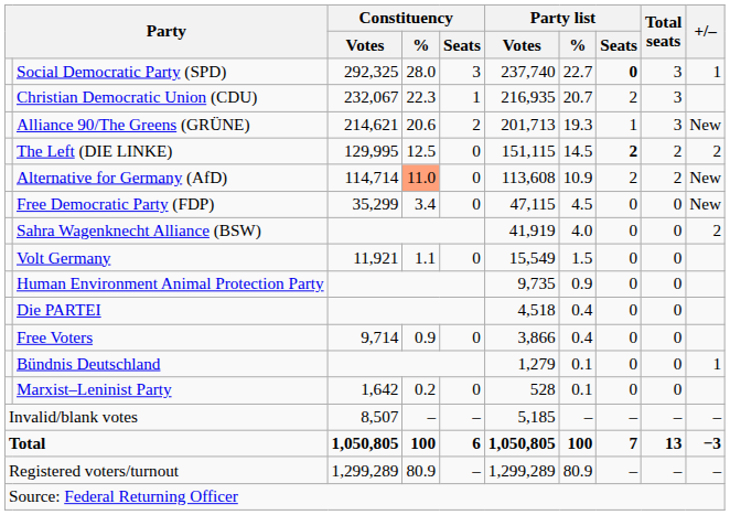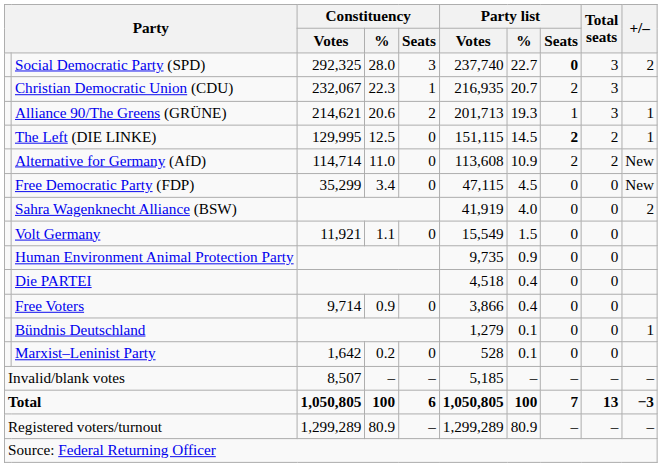 <table class="wikitable" style="text-align:right">
 <tr>
 <th colspan="2" rowspan="2">Party</th>
 <th colspan="3">Constituency</th>
 <th colspan="3">Party list</th>
 <th rowspan="2">Total<br>seats</th>
 <th rowspan="2">+/–</th>
 </tr>
 <tr>
 <th>Votes</th>
 <th>%</th>
 <th>Seats</th>
 <th>Votes</th>
 <th>%</th>
 <th>Seats</th>
 </tr>
 <tr>
 <td></td>
 <td align="left"><a href='#'>Social Democratic Party</a> (SPD)</td>
 <td>292,325</td>
 <td>28.0</td>
 <td>3</td>
 <td>237,740</td>
 <td>22.7</td>
 <td><strong>0</strong></td>
 <td>3</td>
-<td> 1</td>
+<td> 2</td>
 </tr>
 <tr>
 <td></td>
 <td align="left"><a href='#'>Christian Democratic Union</a> (CDU)</td>
 <td>232,067</td>
 <td>22.3</td>
 <td>1</td>
 <td>216,935</td>
 <td>20.7</td>
 <td>2</td>
 <td>3</td>
 <td></td>
 </tr>
 <tr>
 <td></td>
 <td align="left"><a href='#'>Alliance 90/The Greens</a> (GRÜNE)</td>
 <td>214,621</td>
 <td>20.6</td>
 <td>2</td>
 <td>201,713</td>
 <td>19.3</td>
 <td>1</td>
 <td>3</td>
-<td>New</td>
+<td> 1</td>
 </tr>
 <tr>
 <td></td>
 <td align="left"><a href='#'>The Left</a> (DIE LINKE)</td>
 <td>129,995</td>
 <td>12.5</td>
 <td>0</td>
 <td>151,115</td>
 <td>14.5</td>
 <td><strong>2</strong></td>
 <td>2</td>
-<td> 2</td>
+<td> 1</td>
 </tr>
 <tr>
 <td></td>
 <td align="left"><a href='#'>Alternative for Germany</a> (AfD)</td>
 <td>114,714</td>
-<td style="background: lightsalmon;">11.0</td>
+<td>11.0</td>
 <td>0</td>
 <td>113,608</td>
 <td>10.9</td>
 <td>2</td>
 <td>2</td>
 <td>New</td>
 </tr>
 <tr>
 <td></td>
 <td align="left"><a href='#'>Free Democratic Party</a> (FDP)</td>
 <td>35,299</td>
 <td>3.4</td>
 <td>0</td>
 <td>47,115</td>
 <td>4.5</td>
 <td>0</td>
 <td>0</td>
 <td>New</td>
 </tr>
 <tr>
 <td style="background-color:"></td>
 <td align="left"><a href='#'>Sahra Wagenknecht Alliance</a> (BSW)</td>
 <td colspan="3"></td>
 <td>41,919</td>
 <td>4.0</td>
 <td>0</td>
 <td>0</td>
 <td> 2</td>
 </tr>
 <tr>
 <td style="background-color:"></td>
 <td align="left"><a href='#'>Volt Germany</a></td>
 <td>11,921</td>
 <td>1.1</td>
 <td>0</td>
 <td>15,549</td>
 <td>1.5</td>
 <td>0</td>
 <td>0</td>
 <td></td>
 </tr>
 <tr>
 <td style="background-color:"></td>
 <td align="left"><a href='#'>Human Environment Animal Protection Party</a></td>
 <td colspan="3"></td>
 <td>9,735</td>
 <td>0.9</td>
 <td>0</td>
 <td>0</td>
 <td></td>
 </tr>
 <tr>
 <td style="background-color:"></td>
 <td align="left"><a href='#'>Die PARTEI</a></td>
 <td colspan="3"></td>
 <td>4,518</td>
 <td>0.4</td>
 <td>0</td>
 <td>0</td>
 <td></td>
 </tr>
 <tr>
 <td style="background-color:"></td>
 <td align="left"><a href='#'>Free Voters</a></td>
 <td>9,714</td>
 <td>0.9</td>
 <td>0</td>
 <td>3,866</td>
 <td>0.4</td>
 <td>0</td>
 <td>0</td>
 <td></td>
 </tr>
 <tr>
 <td style="background-color:"></td>
 <td align="left"><a href='#'>Bündnis Deutschland</a></td>
 <td colspan="3"></td>
 <td>1,279</td>
 <td>0.1</td>
 <td>0</td>
 <td>0</td>
 <td> 1</td>
 </tr>
 <tr>
 <td style="background-color:"></td>
 <td align="left"><a href='#'>Marxist–Leninist Party</a></td>
 <td>1,642</td>
 <td>0.2</td>
 <td>0</td>
 <td>528</td>
 <td>0.1</td>
 <td>0</td>
 <td>0</td>
 <td></td>
 </tr>
 <tr>
 <td colspan="2" align="left">Invalid/blank votes</td>
 <td>8,507</td>
 <td>–</td>
 <td>–</td>
 <td>5,185</td>
 <td>–</td>
 <td>–</td>
 <td>–</td>
 <td>–</td>
 </tr>
 <tr>
 <td colspan="2" align="left"><strong>Total</strong></td>
 <td><strong>1,050,805</strong></td>
 <td><strong>100</strong></td>
 <td><strong>6</strong></td>
 <td><strong>1,050,805</strong></td>
 <td><strong>100</strong></td>
 <td><strong>7</strong></td>
 <td><strong>13</strong></td>
 <td><strong>−3</strong></td>
 </tr>
 <tr>
 <td colspan="2" align="left">Registered voters/turnout</td>
 <td>1,299,289</td>
 <td>80.9</td>
 <td>–</td>
 <td>1,299,289</td>
 <td>80.9</td>
 <td>–</td>
 <td>–</td>
 <td>–</td>
 </tr>
 <tr>
 <td colspan="10" align="left">Source: <a href='#'>Federal Returning Officer</a></td>
 </tr>
 </table>
